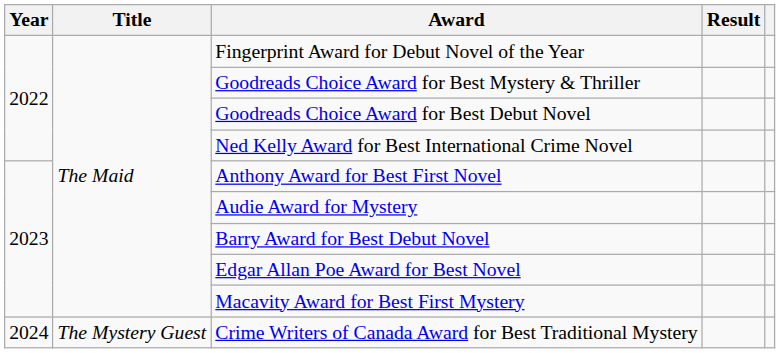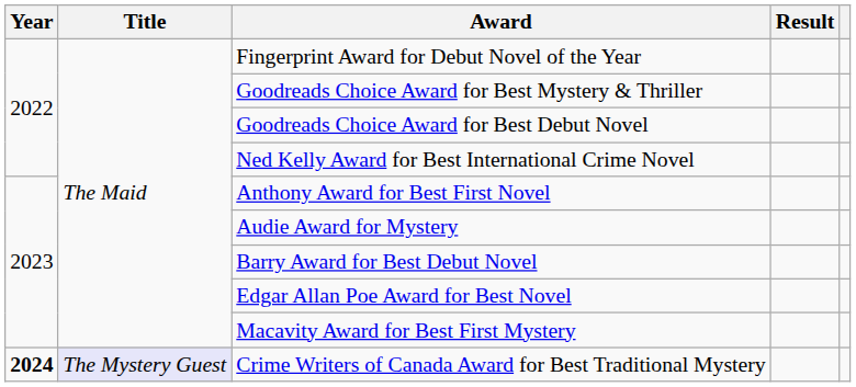 <table class="wikitable">
 <tr>
 <th>Year</th>
 <th>Title</th>
 <th>Award</th>
 <th>Result</th>
 <th></th>
 </tr>
 <tr>
 <td rowspan="4">2022</td>
 <td rowspan="9"><em>The Maid</em></td>
 <td>Fingerprint Award for Debut Novel of the Year</td>
 <td></td>
 <td></td>
 </tr>
 <tr>
 <td><a href='#'>Goodreads Choice Award</a> for Best Mystery & Thriller</td>
 <td></td>
 <td></td>
 </tr>
 <tr>
 <td><a href='#'>Goodreads Choice Award</a> for Best Debut Novel</td>
 <td></td>
 <td></td>
 </tr>
 <tr>
 <td><a href='#'>Ned Kelly Award</a> for Best International Crime Novel</td>
 <td></td>
 <td></td>
 </tr>
 <tr>
 <td rowspan="5">2023</td>
 <td><a href='#'>Anthony Award for Best First Novel</a></td>
 <td></td>
 <td></td>
 </tr>
 <tr>
 <td><a href='#'>Audie Award for Mystery</a></td>
 <td></td>
 <td></td>
 </tr>
 <tr>
 <td><a href='#'>Barry Award for Best Debut Novel</a></td>
 <td></td>
 <td></td>
 </tr>
 <tr>
 <td><a href='#'>Edgar Allan Poe Award for Best Novel</a></td>
 <td></td>
 <td></td>
 </tr>
 <tr>
 <td><a href='#'>Macavity Award for Best First Mystery</a></td>
 <td></td>
 <td></td>
 </tr>
 <tr>
-<td>2024</td>
-<td><em>The Mystery Guest</em></td>
+<td><strong>2024</strong></td>
+<td style="background: lavender;"><em>The Mystery Guest</em></td>
 <td><a href='#'>Crime Writers of Canada Award</a> for Best Traditional Mystery</td>
 <td></td>
 <td></td>
 </tr>
 </table>
